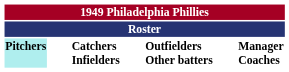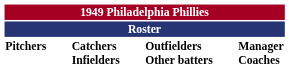 <table class="toccolours" style="font-size: 95%;">
 <tr>
 <th colspan="10" style="background-color: #A50024; color: white; text-align: center;">1949 Philadelphia Phillies</th>
 </tr>
 <tr>
 <td colspan="10" style="background-color: #263473; color: white; text-align: center;"><strong>Roster</strong></td>
 </tr>
 <tr>
-<td valign="top" style="background: paleturquoise;"><strong>Pitchers</strong><br>           </td>
+<td valign="top"><strong>Pitchers</strong><br>           </td>
 <td width="25px"></td>
 <td valign="top"><strong>Catchers</strong><br>    <strong>Infielders</strong>         </td>
 <td width="25px"></td>
 <td valign="top"><strong>Outfielders</strong><br>       <strong>Other batters</strong> </td>
 <td width="25px"></td>
 <td valign="top"><strong>Manager</strong><br> <strong>Coaches</strong>     </td>
 </tr>
 <tr>
 </tr>
 </table>
